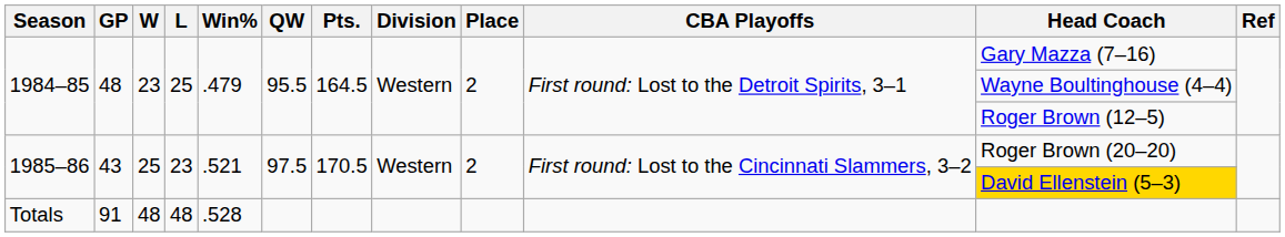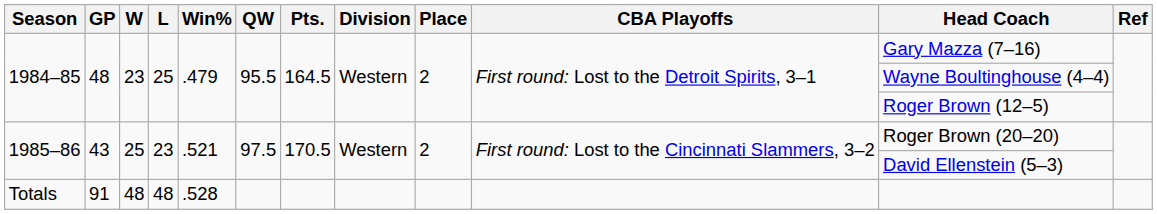 <table class="wikitable">
 <tr>
 <th>Season</th>
 <th>GP</th>
 <th>W</th>
 <th>L</th>
 <th>Win%</th>
 <th>QW</th>
 <th>Pts.</th>
 <th>Division</th>
 <th>Place</th>
 <th>CBA Playoffs</th>
 <th>Head Coach</th>
 <th>Ref</th>
 </tr>
 <tr>
 <td rowspan=3>1984–85</td>
 <td rowspan="3">48</td>
 <td rowspan="3">23</td>
 <td rowspan=3>25</td>
 <td rowspan=3>.479</td>
 <td rowspan=3>95.5</td>
 <td rowspan=3>164.5</td>
 <td rowspan=3>Western</td>
 <td rowspan=3>2</td>
 <td rowspan=3><em>First round:</em> Lost to the <a href='#'>Detroit Spirits</a>, 3–1</td>
 <td><a href='#'>Gary Mazza</a> (7–16)</td>
 <td rowspan=3></td>
 </tr>
 <tr>
 <td><a href='#'>Wayne Boultinghouse</a> (4–4)</td>
 </tr>
 <tr>
 <td><a href='#'>Roger Brown</a> (12–5)</td>
 </tr>
 <tr>
 <td rowspan=2>1985–86</td>
 <td rowspan="2">43</td>
 <td rowspan="2">25</td>
 <td rowspan=2>23</td>
 <td rowspan=2>.521</td>
 <td rowspan=2>97.5</td>
 <td rowspan=2>170.5</td>
 <td rowspan=2>Western</td>
 <td rowspan=2>2</td>
 <td rowspan=2><em>First round:</em> Lost to the <a href='#'>Cincinnati Slammers</a>, 3–2</td>
 <td>Roger Brown (20–20)</td>
 <td rowspan=2></td>
 </tr>
 <tr>
-<td style="background: gold;"><a href='#'>David Ellenstein</a> (5–3)</td>
+<td><a href='#'>David Ellenstein</a> (5–3)</td>
 </tr>
 <tr>
 <td>Totals</td>
 <td>91</td>
 <td>48</td>
 <td>48</td>
 <td>.528</td>
 <td></td>
 <td></td>
 <td></td>
 <td></td>
 <td></td>
 <td></td>
 <td></td>
 </tr>
 </table>
